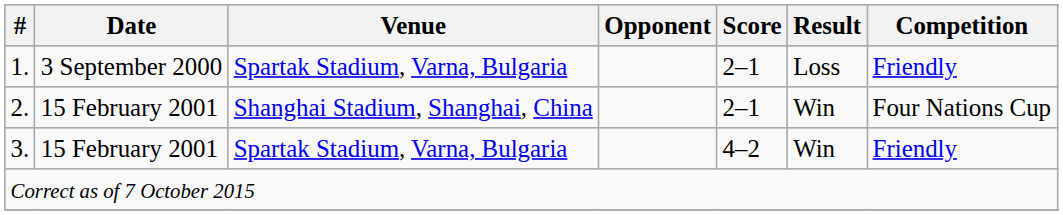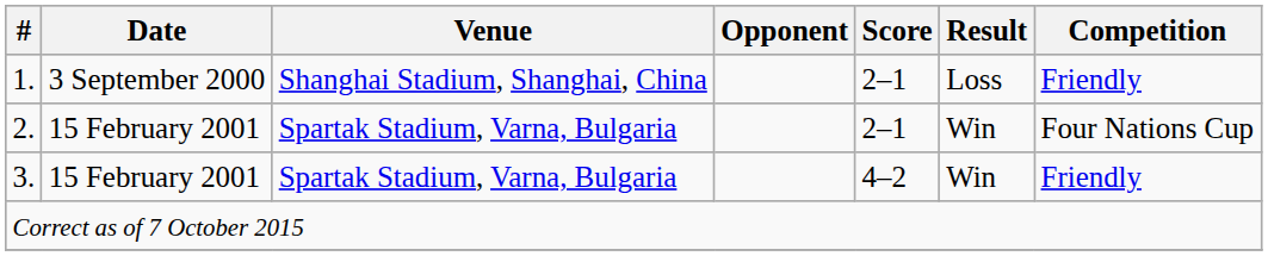 <table class="wikitable" style="font-size:95%;">
 <tr>
 <th>#</th>
 <th>Date</th>
 <th>Venue</th>
 <th>Opponent</th>
 <th>Score</th>
 <th>Result</th>
 <th>Competition</th>
 </tr>
 <tr>
 <td>1.</td>
 <td>3 September 2000</td>
-<td><a href='#'>Spartak Stadium</a>, <a href='#'>Varna, Bulgaria</a></td>
+<td><a href='#'>Shanghai Stadium</a>, <a href='#'>Shanghai</a>, <a href='#'>China</a></td>
 <td></td>
 <td>2–1</td>
 <td>Loss</td>
 <td><a href='#'>Friendly</a></td>
 </tr>
 <tr>
 <td>2.</td>
 <td>15 February 2001</td>
-<td><a href='#'>Shanghai Stadium</a>, <a href='#'>Shanghai</a>, <a href='#'>China</a></td>
+<td><a href='#'>Spartak Stadium</a>, <a href='#'>Varna, Bulgaria</a></td>
 <td></td>
 <td>2–1</td>
 <td>Win</td>
 <td>Four Nations Cup</td>
 </tr>
 <tr>
 <td>3.</td>
 <td>15 February 2001</td>
 <td><a href='#'>Spartak Stadium</a>, <a href='#'>Varna, Bulgaria</a></td>
 <td></td>
 <td>4–2</td>
 <td>Win</td>
 <td><a href='#'>Friendly</a></td>
 </tr>
 <tr>
 <td colspan="15"><small><em>Correct as of 7 October 2015</em></small></td>
 </tr>
 <tr>
 </tr>
 </table>
